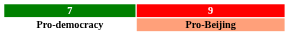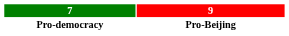 <table style="width:50%; text-align:center;">
 <tr style="color:white;">
 <td style="background:green; width:47%;"><strong>7</strong></td>
 <td style="background:red; width:53%;"><strong>9</strong></td>
 </tr>
 <tr>
 <td><span><strong>Pro-democracy</strong></span></td>
-<td style="background: lightsalmon;"><span><strong>Pro-Beijing</strong></span></td>
+<td><span><strong>Pro-Beijing</strong></span></td>
 </tr>
 </table>
